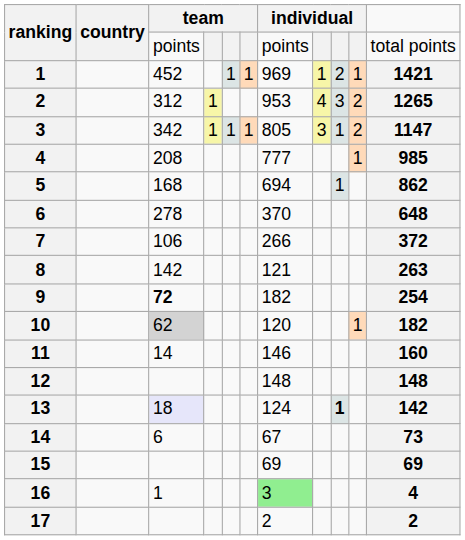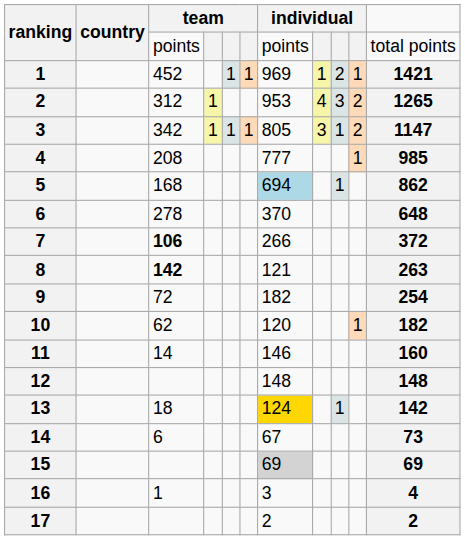 <table class="wikitable">
 <tr>
 <th rowspan="2">ranking</th>
 <th rowspan="2">country</th>
 <th colspan="4">team</th>
 <th colspan="4">individual</th>
 <td></td>
 </tr>
 <tr>
 <td>points</td>
 <th bgcolor="gold"></th>
 <th bgcolor="silver"></th>
 <th bgcolor="#cc9966"></th>
 <td>points</td>
 <th bgcolor="gold"></th>
 <th bgcolor="silver"></th>
 <th bgcolor="#cc9966"></th>
 <td>total points</td>
 </tr>
 <tr>
 <th>1</th>
 <td></td>
 <td>452</td>
 <td></td>
 <td bgcolor="#DCE5E5">1</td>
 <td bgcolor="#FFDAB9">1</td>
 <td>969</td>
 <td bgcolor="#F7F6A8">1</td>
 <td bgcolor="#DCE5E5">2</td>
 <td bgcolor="#FFDAB9">1</td>
 <th>1421</th>
 </tr>
 <tr>
 <th>2</th>
 <td></td>
 <td>312</td>
 <td bgcolor="#F7F6A8">1</td>
 <td></td>
 <td></td>
 <td>953</td>
 <td bgcolor="#F7F6A8">4</td>
 <td bgcolor="#DCE5E5">3</td>
 <td bgcolor="#FFDAB9">2</td>
 <th>1265</th>
 </tr>
 <tr>
 <th>3</th>
 <td></td>
 <td>342</td>
 <td bgcolor="#F7F6A8">1</td>
 <td bgcolor="#DCE5E5">1</td>
 <td bgcolor="#FFDAB9">1</td>
 <td>805</td>
 <td bgcolor="#F7F6A8">3</td>
 <td bgcolor="#DCE5E5">1</td>
 <td bgcolor="#FFDAB9">2</td>
 <th>1147</th>
 </tr>
 <tr>
 <th>4</th>
 <td></td>
 <td>208</td>
 <td></td>
 <td></td>
 <td></td>
 <td>777</td>
 <td></td>
 <td></td>
 <td bgcolor="#FFDAB9">1</td>
 <th>985</th>
 </tr>
 <tr>
 <th>5</th>
 <td></td>
 <td>168</td>
 <td></td>
 <td></td>
 <td></td>
-<td>694</td>
+<td style="background: lightblue;">694</td>
 <td></td>
 <td bgcolor="#DCE5E5">1</td>
 <td></td>
 <th>862</th>
 </tr>
 <tr>
 <th>6</th>
 <td></td>
 <td>278</td>
 <td></td>
 <td></td>
 <td></td>
 <td>370</td>
 <td></td>
 <td></td>
 <td></td>
 <th>648</th>
 </tr>
 <tr>
 <th>7</th>
 <td></td>
-<td>106</td>
+<td><strong>106</strong></td>
 <td></td>
 <td></td>
 <td></td>
 <td>266</td>
 <td></td>
 <td></td>
 <td></td>
 <th>372</th>
 </tr>
 <tr>
 <th>8</th>
 <td></td>
-<td>142</td>
+<td><strong>142</strong></td>
 <td></td>
 <td></td>
 <td></td>
 <td>121</td>
 <td></td>
 <td></td>
 <td></td>
 <th>263</th>
 </tr>
 <tr>
 <th>9</th>
 <td></td>
-<td><strong>72</strong></td>
+<td>72</td>
 <td></td>
 <td></td>
 <td></td>
 <td>182</td>
 <td></td>
 <td></td>
 <td></td>
 <th>254</th>
 </tr>
 <tr>
 <th>10</th>
 <td></td>
-<td style="background: lightgrey;">62</td>
+<td>62</td>
 <td></td>
 <td></td>
 <td></td>
 <td>120</td>
 <td></td>
 <td></td>
 <td bgcolor="#FFDAB9">1</td>
 <th>182</th>
 </tr>
 <tr>
 <th>11</th>
 <td></td>
 <td>14</td>
 <td></td>
 <td></td>
 <td></td>
 <td>146</td>
 <td></td>
 <td></td>
 <td></td>
 <th>160</th>
 </tr>
 <tr>
 <th>12</th>
 <td></td>
 <td></td>
 <td></td>
 <td></td>
 <td></td>
 <td>148</td>
 <td></td>
 <td></td>
 <td></td>
 <th>148</th>
 </tr>
 <tr>
 <th>13</th>
 <td></td>
-<td style="background: lavender;">18</td>
+<td>18</td>
 <td></td>
 <td></td>
 <td></td>
-<td>124</td>
+<td style="background: gold;">124</td>
 <td></td>
-<td bgcolor="#DCE5E5"><strong>1</strong></td>
+<td bgcolor="#DCE5E5">1</td>
 <td></td>
 <th>142</th>
 </tr>
 <tr>
 <th>14</th>
 <td></td>
 <td>6</td>
 <td></td>
 <td></td>
 <td></td>
 <td>67</td>
 <td></td>
 <td></td>
 <td></td>
 <th>73</th>
 </tr>
 <tr>
 <th>15</th>
 <td></td>
 <td></td>
 <td></td>
 <td></td>
 <td></td>
-<td>69</td>
+<td style="background: lightgrey;">69</td>
 <td></td>
 <td></td>
 <td></td>
 <th>69</th>
 </tr>
 <tr>
 <th>16</th>
 <td></td>
 <td>1</td>
 <td></td>
 <td></td>
 <td></td>
-<td style="background: lightgreen;">3</td>
+<td>3</td>
 <td></td>
 <td></td>
 <td></td>
 <th>4</th>
 </tr>
 <tr>
 <th>17</th>
 <td></td>
 <td></td>
 <td></td>
 <td></td>
 <td></td>
 <td>2</td>
 <td></td>
 <td></td>
 <td></td>
 <th>2</th>
 </tr>
 </table>
